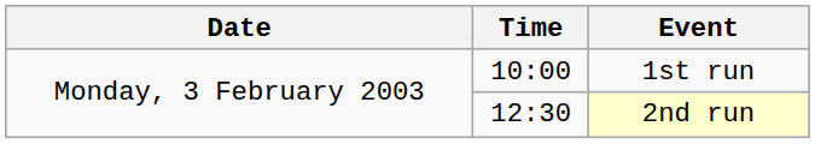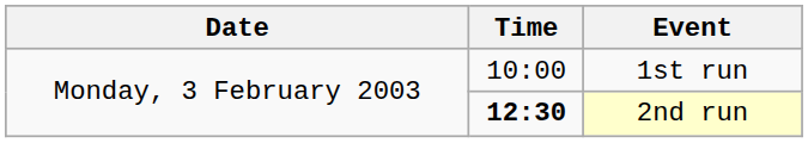 <table class = "wikitable" style="text-align:center;">
 <tr>
 <th width=220>Date</th>
 <th width=50>Time</th>
 <th width=100>Event</th>
 </tr>
 <tr>
 <td rowspan=2>Monday, 3 February 2003</td>
 <td>10:00</td>
 <td>1st run</td>
 </tr>
 <tr>
-<td>12:30</td>
+<td><strong>12:30</strong></td>
 <td bgcolor=ffffcc>2nd run</td>
 </tr>
 </table>
